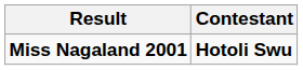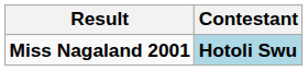 <table class="wikitable">
 <tr>
 <th>Result</th>
 <th>Contestant</th>
 </tr>
 <tr>
 <td><strong>Miss Nagaland 2001</strong></td>
-<td><strong>Hotoli Swu</strong></td>
+<td style="background: lightblue;"><strong>Hotoli Swu</strong></td>
 </tr>
 </table>
